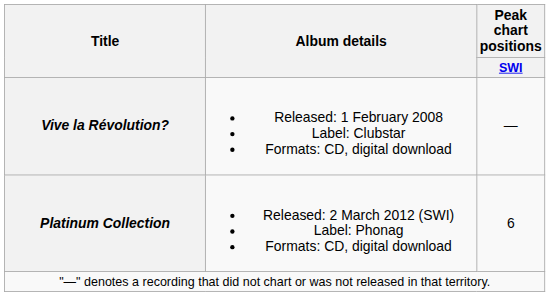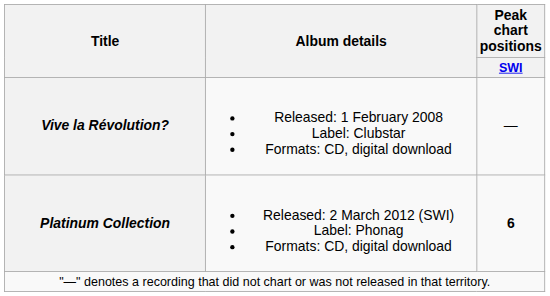 <table class="wikitable plainrowheaders" style="text-align:center;" border="1">
 <tr>
 <th scope="col" rowspan="2" style="width:14em;">Title</th>
 <th scope="col" rowspan="2" style="width:19em;">Album details</th>
 <th scope="col" colspan="1">Peak chart positions</th>
 </tr>
 <tr>
 <th scope="col" style="width:2.9em;font-size:90%;"><a href='#'>SWI</a><br></th>
 </tr>
 <tr>
 <th scope="row"><em>Vive la Révolution?</em></th>
 <td><br><ul><li>Released: 1 February 2008</li><li>Label: Clubstar</li><li>Formats: CD, digital download</li></ul></td>
 <td>—</td>
 </tr>
 <tr>
 <th scope="row"><em>Platinum Collection</em></th>
 <td><br><ul><li>Released: 2 March 2012 <span>(SWI)</span></li><li>Label: Phonag</li><li>Formats: CD, digital download</li></ul></td>
-<td>6</td>
+<td><strong>6</strong></td>
 </tr>
 <tr>
 <td colspan="14" style="font-size:90%">"—" denotes a recording that did not chart or was not released in that territory.</td>
 </tr>
 </table>
